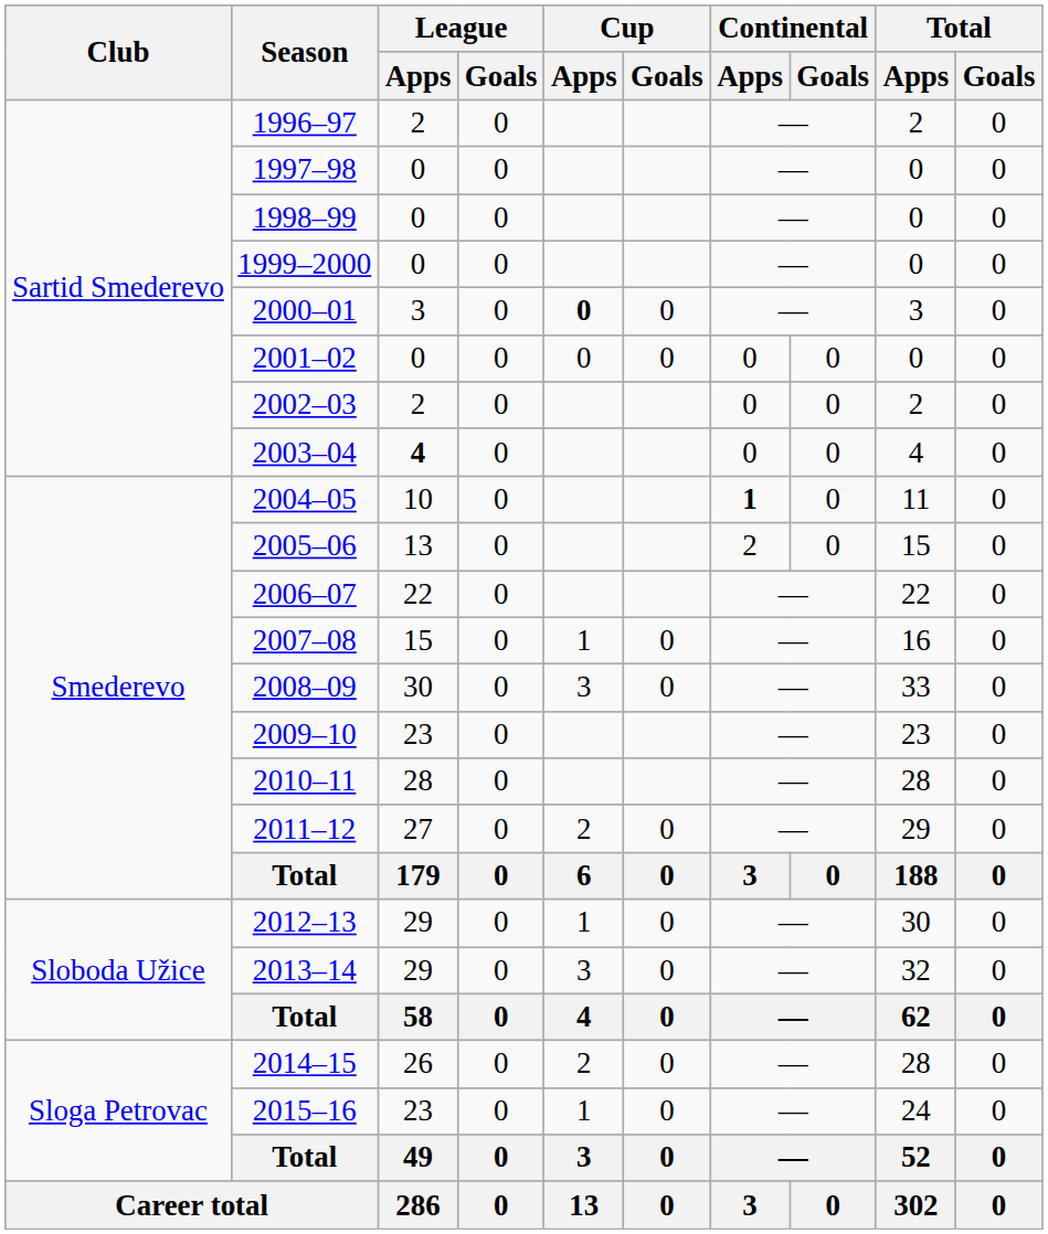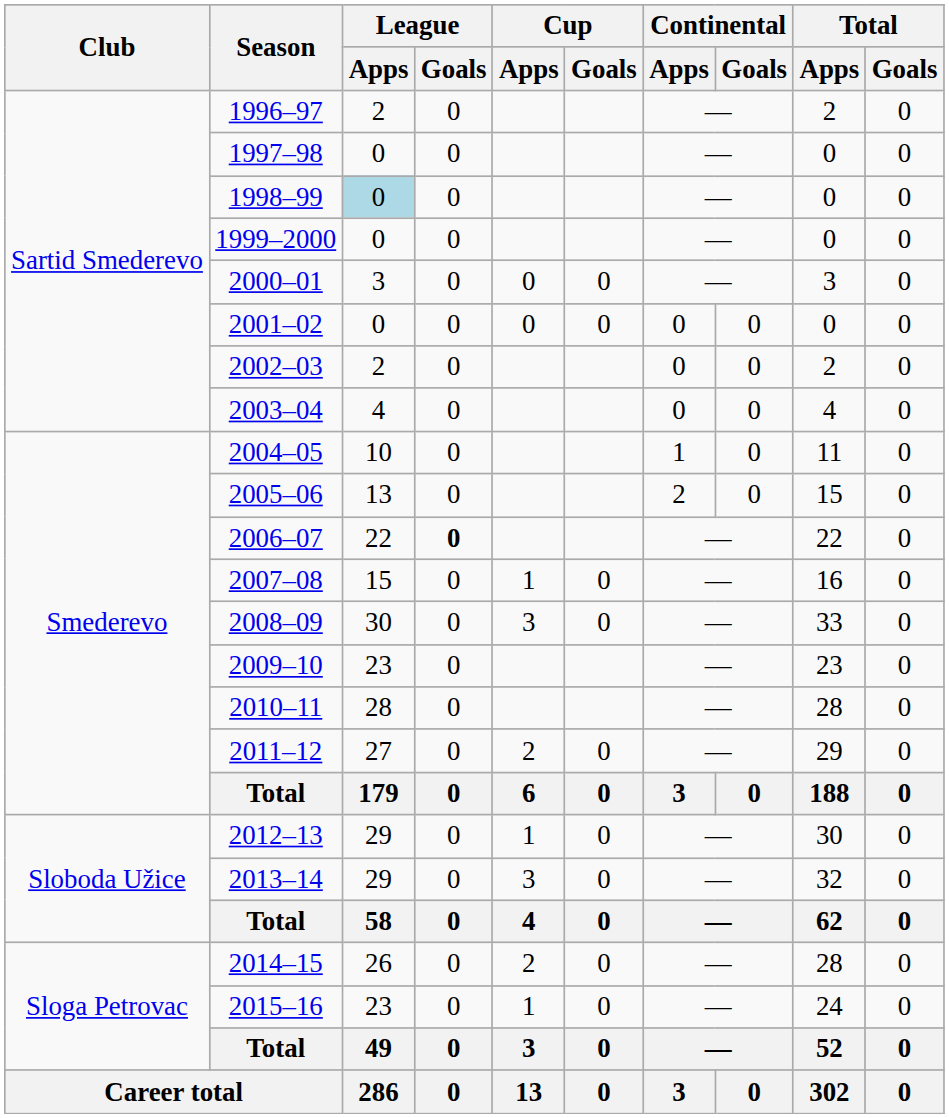 <table class="wikitable" style="text-align:center">
 <tr>
 <th rowspan="2">Club</th>
 <th rowspan="2">Season</th>
 <th colspan="2">League</th>
 <th colspan="2">Cup</th>
 <th colspan="2">Continental</th>
 <th colspan="2">Total</th>
 </tr>
 <tr>
 <th>Apps</th>
 <th>Goals</th>
 <th>Apps</th>
 <th>Goals</th>
 <th>Apps</th>
 <th>Goals</th>
 <th>Apps</th>
 <th>Goals</th>
 </tr>
 <tr>
 <td rowspan="8"><a href='#'>Sartid Smederevo</a></td>
 <td><a href='#'>1996–97</a></td>
 <td>2</td>
 <td>0</td>
 <td></td>
 <td></td>
 <td colspan="2">—</td>
 <td>2</td>
 <td>0</td>
 </tr>
 <tr>
 <td><a href='#'>1997–98</a></td>
 <td>0</td>
 <td>0</td>
 <td></td>
 <td></td>
 <td colspan="2">—</td>
 <td>0</td>
 <td>0</td>
 </tr>
 <tr>
 <td><a href='#'>1998–99</a></td>
-<td>0</td>
+<td style="background: lightblue;">0</td>
 <td>0</td>
 <td></td>
 <td></td>
 <td colspan="2">—</td>
 <td>0</td>
 <td>0</td>
 </tr>
 <tr>
 <td><a href='#'>1999–2000</a></td>
 <td>0</td>
 <td>0</td>
 <td></td>
 <td></td>
 <td colspan="2">—</td>
 <td>0</td>
 <td>0</td>
 </tr>
 <tr>
 <td><a href='#'>2000–01</a></td>
 <td>3</td>
 <td>0</td>
-<td><strong>0</strong></td>
+<td>0</td>
 <td>0</td>
 <td colspan="2">—</td>
 <td>3</td>
 <td>0</td>
 </tr>
 <tr>
 <td><a href='#'>2001–02</a></td>
 <td>0</td>
 <td>0</td>
 <td>0</td>
 <td>0</td>
 <td>0</td>
 <td>0</td>
 <td>0</td>
 <td>0</td>
 </tr>
 <tr>
 <td><a href='#'>2002–03</a></td>
 <td>2</td>
 <td>0</td>
 <td></td>
 <td></td>
 <td>0</td>
 <td>0</td>
 <td>2</td>
 <td>0</td>
 </tr>
 <tr>
 <td><a href='#'>2003–04</a></td>
-<td><strong>4</strong></td>
+<td>4</td>
 <td>0</td>
 <td></td>
 <td></td>
 <td>0</td>
 <td>0</td>
 <td>4</td>
 <td>0</td>
 </tr>
 <tr>
 <td rowspan="9"><a href='#'>Smederevo</a></td>
 <td><a href='#'>2004–05</a></td>
 <td>10</td>
 <td>0</td>
 <td></td>
 <td></td>
-<td><strong>1</strong></td>
+<td>1</td>
 <td>0</td>
 <td>11</td>
 <td>0</td>
 </tr>
 <tr>
 <td><a href='#'>2005–06</a></td>
 <td>13</td>
 <td>0</td>
 <td></td>
 <td></td>
 <td>2</td>
 <td>0</td>
 <td>15</td>
 <td>0</td>
 </tr>
 <tr>
 <td><a href='#'>2006–07</a></td>
 <td>22</td>
-<td>0</td>
+<td><strong>0</strong></td>
 <td></td>
 <td></td>
 <td colspan="2">—</td>
 <td>22</td>
 <td>0</td>
 </tr>
 <tr>
 <td><a href='#'>2007–08</a></td>
 <td>15</td>
 <td>0</td>
 <td>1</td>
 <td>0</td>
 <td colspan="2">—</td>
 <td>16</td>
 <td>0</td>
 </tr>
 <tr>
 <td><a href='#'>2008–09</a></td>
 <td>30</td>
 <td>0</td>
 <td>3</td>
 <td>0</td>
 <td colspan="2">—</td>
 <td>33</td>
 <td>0</td>
 </tr>
 <tr>
 <td><a href='#'>2009–10</a></td>
 <td>23</td>
 <td>0</td>
 <td></td>
 <td></td>
 <td colspan="2">—</td>
 <td>23</td>
 <td>0</td>
 </tr>
 <tr>
 <td><a href='#'>2010–11</a></td>
 <td>28</td>
 <td>0</td>
 <td></td>
 <td></td>
 <td colspan="2">—</td>
 <td>28</td>
 <td>0</td>
 </tr>
 <tr>
 <td><a href='#'>2011–12</a></td>
 <td>27</td>
 <td>0</td>
 <td>2</td>
 <td>0</td>
 <td colspan="2">—</td>
 <td>29</td>
 <td>0</td>
 </tr>
 <tr>
 <th>Total</th>
 <th>179</th>
 <th>0</th>
 <th>6</th>
 <th>0</th>
 <th>3</th>
 <th>0</th>
 <th>188</th>
 <th>0</th>
 </tr>
 <tr>
 <td rowspan="3"><a href='#'>Sloboda Užice</a></td>
 <td><a href='#'>2012–13</a></td>
 <td>29</td>
 <td>0</td>
 <td>1</td>
 <td>0</td>
 <td colspan="2">—</td>
 <td>30</td>
 <td>0</td>
 </tr>
 <tr>
 <td><a href='#'>2013–14</a></td>
 <td>29</td>
 <td>0</td>
 <td>3</td>
 <td>0</td>
 <td colspan="2">—</td>
 <td>32</td>
 <td>0</td>
 </tr>
 <tr>
 <th>Total</th>
 <th>58</th>
 <th>0</th>
 <th>4</th>
 <th>0</th>
 <th colspan="2">—</th>
 <th>62</th>
 <th>0</th>
 </tr>
 <tr>
 <td rowspan="3"><a href='#'>Sloga Petrovac</a></td>
 <td><a href='#'>2014–15</a></td>
 <td>26</td>
 <td>0</td>
 <td>2</td>
 <td>0</td>
 <td colspan="2">—</td>
 <td>28</td>
 <td>0</td>
 </tr>
 <tr>
 <td><a href='#'>2015–16</a></td>
 <td>23</td>
 <td>0</td>
 <td>1</td>
 <td>0</td>
 <td colspan="2">—</td>
 <td>24</td>
 <td>0</td>
 </tr>
 <tr>
 <th>Total</th>
 <th>49</th>
 <th>0</th>
 <th>3</th>
 <th>0</th>
 <th colspan="2">—</th>
 <th>52</th>
 <th>0</th>
 </tr>
 <tr>
 <th colspan="2">Career total</th>
 <th>286</th>
 <th>0</th>
 <th>13</th>
 <th>0</th>
 <th>3</th>
 <th>0</th>
 <th>302</th>
 <th>0</th>
 </tr>
 </table>
